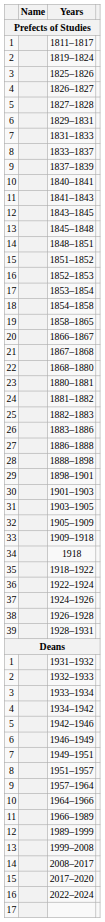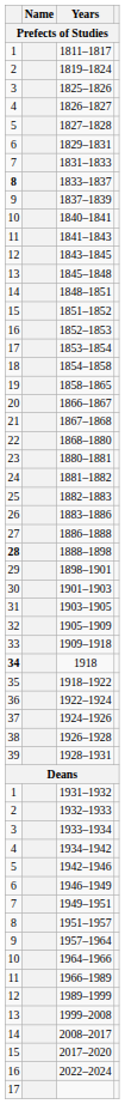 <table class="wikitable sortable plainrowheaders">
 <tr>
 <th scope="col"></th>
 <th scope="col">Name</th>
 <th scope="col">Years</th>
 <th scope="col" class="unsortable"></th>
 </tr>
 <tr>
 <th colspan="4" align="center"><strong>Prefects of Studies</strong></th>
 </tr>
 <tr>
 <td align="center">1</td>
 <th scope="row"> </th>
 <td align="center">1811–1817</td>
 <td align="center"></td>
 </tr>
 <tr>
 <td align="center">2</td>
 <th scope="row"> </th>
 <td align="center">1819–1824</td>
 <td align="center"></td>
 </tr>
 <tr>
 <td align="center">3</td>
 <th scope="row"> </th>
 <td align="center">1825–1826</td>
 <td align="center"></td>
 </tr>
 <tr>
 <td align="center">4</td>
 <th scope="row"> </th>
 <td align="center">1826–1827</td>
 <td align="center"></td>
 </tr>
 <tr>
 <td align="center">5</td>
 <th scope="row"> </th>
 <td align="center">1827–1828</td>
 <td align="center"></td>
 </tr>
 <tr>
 <td align="center">6</td>
 <th scope="row"> </th>
 <td align="center">1829–1831</td>
 <td align="center"></td>
 </tr>
 <tr>
 <td align="center">7</td>
 <th scope="row"> </th>
 <td align="center">1831–1833</td>
 <td align="center"></td>
 </tr>
 <tr>
-<td align="center">8</td>
+<td align="center"><strong>8</strong></td>
 <th scope="row"> </th>
 <td align="center">1833–1837</td>
 <td align="center"></td>
 </tr>
 <tr>
 <td align="center">9</td>
 <th scope="row"> </th>
 <td align="center">1837–1839</td>
 <td align="center"></td>
 </tr>
 <tr>
 <td align="center">10</td>
 <th scope="row"> </th>
 <td align="center">1840–1841</td>
 <td align="center"></td>
 </tr>
 <tr>
 <td align="center">11</td>
 <th scope="row"> </th>
 <td align="center">1841–1843</td>
 <td align="center"></td>
 </tr>
 <tr>
 <td align="center">12</td>
 <th scope="row"> </th>
 <td align="center">1843–1845</td>
 <td align="center"></td>
 </tr>
 <tr>
 <td align="center">13</td>
 <th scope="row"> </th>
 <td align="center">1845–1848</td>
 <td align="center"></td>
 </tr>
 <tr>
 <td align="center">14</td>
 <th scope="row"> </th>
 <td align="center">1848–1851</td>
 <td align="center"></td>
 </tr>
 <tr>
 <td align="center">15</td>
 <th scope="row"> </th>
 <td align="center">1851–1852</td>
 <td align="center"></td>
 </tr>
 <tr>
 <td align="center">16</td>
 <th scope="row"> </th>
 <td align="center">1852–1853</td>
 <td align="center"></td>
 </tr>
 <tr>
 <td align="center">17</td>
 <th scope="row"> </th>
 <td align="center">1853–1854</td>
 <td align="center"></td>
 </tr>
 <tr>
 <td align="center">18</td>
 <th scope="row"> </th>
 <td align="center">1854–1858</td>
 <td align="center"></td>
 </tr>
 <tr>
 <td align="center">19</td>
 <th scope="row"> </th>
 <td align="center">1858–1865</td>
 <td align="center"></td>
 </tr>
 <tr>
 <td align="center">20</td>
 <th scope="row"> </th>
 <td align="center">1866–1867</td>
 <td align="center"></td>
 </tr>
 <tr>
 <td align="center">21</td>
 <th scope="row"> </th>
 <td align="center">1867–1868</td>
 <td align="center"></td>
 </tr>
 <tr>
 <td align="center">22</td>
 <th scope="row"> </th>
 <td align="center">1868–1880</td>
 <td align="center"></td>
 </tr>
 <tr>
 <td align="center">23</td>
 <th scope="row"> </th>
 <td align="center">1880–1881</td>
 <td align="center"></td>
 </tr>
 <tr>
 <td align="center">24</td>
 <th scope="row"> </th>
 <td align="center">1881–1882</td>
 <td align="center"></td>
 </tr>
 <tr>
 <td align="center">25</td>
 <th scope="row"> </th>
 <td align="center">1882–1883</td>
 <td align="center"></td>
 </tr>
 <tr>
 <td align="center">26</td>
 <th scope="row"> </th>
 <td align="center">1883–1886</td>
 <td align="center"></td>
 </tr>
 <tr>
 <td align="center">27</td>
 <th scope="row"> </th>
 <td align="center">1886–1888</td>
 <td align="center"></td>
 </tr>
 <tr>
-<td align="center">28</td>
+<td align="center"><strong>28</strong></td>
 <th scope="row"> </th>
 <td align="center">1888–1898</td>
 <td align="center"></td>
 </tr>
 <tr>
 <td align="center">29</td>
 <th scope="row"> </th>
 <td align="center">1898–1901</td>
 <td align="center"></td>
 </tr>
 <tr>
 <td align="center">30</td>
 <th scope="row"> </th>
 <td align="center">1901–1903</td>
 <td align="center"></td>
 </tr>
 <tr>
 <td align="center">31</td>
 <th scope="row"> </th>
 <td align="center">1903–1905</td>
 <td align="center"></td>
 </tr>
 <tr>
 <td align="center">32</td>
 <th scope="row"> </th>
 <td align="center">1905–1909</td>
 <td align="center"></td>
 </tr>
 <tr>
 <td align="center">33</td>
 <th scope="row"> </th>
 <td align="center">1909–1918</td>
 <td align="center"></td>
 </tr>
 <tr>
-<td align="center">34</td>
+<td align="center"><strong>34</strong></td>
 <th scope="row"> </th>
 <td align="center">1918</td>
 <td align="center"></td>
 </tr>
 <tr>
 <td align="center">35</td>
 <th scope="row"> </th>
 <td align="center">1918–1922</td>
 <td align="center"></td>
 </tr>
 <tr>
 <td align="center">36</td>
 <th scope="row"> </th>
 <td align="center">1922–1924</td>
 <td align="center"></td>
 </tr>
 <tr>
 <td align="center">37</td>
 <th scope="row"> </th>
 <td align="center">1924–1926</td>
 <td align="center"></td>
 </tr>
 <tr>
 <td align="center">38</td>
 <th scope="row"> </th>
 <td align="center">1926–1928</td>
 <td align="center"></td>
 </tr>
 <tr>
 <td align="center">39</td>
 <th scope="row"> </th>
 <td align="center">1928–1931</td>
 <td align="center"></td>
 </tr>
 <tr>
 <th colspan="4" align="center"><strong>Deans</strong></th>
 </tr>
 <tr>
 <td align="center">1</td>
 <th scope="row"> </th>
 <td align="center">1931–1932</td>
 <td align="center"></td>
 </tr>
 <tr>
 <td align="center">2</td>
 <th scope="row"> </th>
 <td align="center">1932–1933</td>
 <td align="center"></td>
 </tr>
 <tr>
 <td align="center">3</td>
 <th scope="row"> </th>
 <td align="center">1933–1934</td>
 <td align="center"></td>
 </tr>
 <tr>
 <td align="center">4</td>
 <th scope="row"> </th>
 <td align="center">1934–1942</td>
 <td align="center"></td>
 </tr>
 <tr>
 <td align="center">5</td>
 <th scope="row"> </th>
 <td align="center">1942–1946</td>
 <td align="center"></td>
 </tr>
 <tr>
 <td align="center">6</td>
 <th scope="row"> </th>
 <td align="center">1946–1949</td>
 <td align="center"></td>
 </tr>
 <tr>
 <td align="center">7</td>
 <th scope="row"> </th>
 <td align="center">1949–1951</td>
 <td align="center"></td>
 </tr>
 <tr>
 <td align="center">8</td>
 <th scope="row"> </th>
 <td align="center">1951–1957</td>
 <td align="center"></td>
 </tr>
 <tr>
 <td align="center">9</td>
 <th scope="row"> </th>
 <td align="center">1957–1964</td>
 <td align="center"></td>
 </tr>
 <tr>
 <td align="center">10</td>
 <th scope="row"> </th>
 <td align="center">1964–1966</td>
 <td align="center"></td>
 </tr>
 <tr>
 <td align="center">11</td>
 <th scope="row"> </th>
 <td align="center">1966–1989</td>
 <td align="center"></td>
 </tr>
 <tr>
 <td align="center">12</td>
 <th scope="row"> </th>
 <td align="center">1989–1999</td>
 <td align="center"></td>
 </tr>
 <tr>
 <td align="center">13</td>
 <th scope="row"></th>
 <td align="center">1999–2008</td>
 <td align="center"></td>
 </tr>
 <tr>
 <td align="center">14</td>
 <th scope="row"></th>
 <td align="center">2008–2017</td>
 <td align="center"></td>
 </tr>
 <tr>
 <td align="center">15</td>
 <th scope="row"></th>
 <td align="center">2017–2020</td>
 <td align="center"></td>
 </tr>
 <tr>
 <td align="center">16</td>
 <th scope="row"></th>
 <td align="center">2022–2024</td>
 <td align="center"></td>
 </tr>
 <tr>
 <td align="center">17</td>
 <th scope="row"></th>
 <td align="center"></td>
 <td align="center"></td>
 </tr>
 </table>
